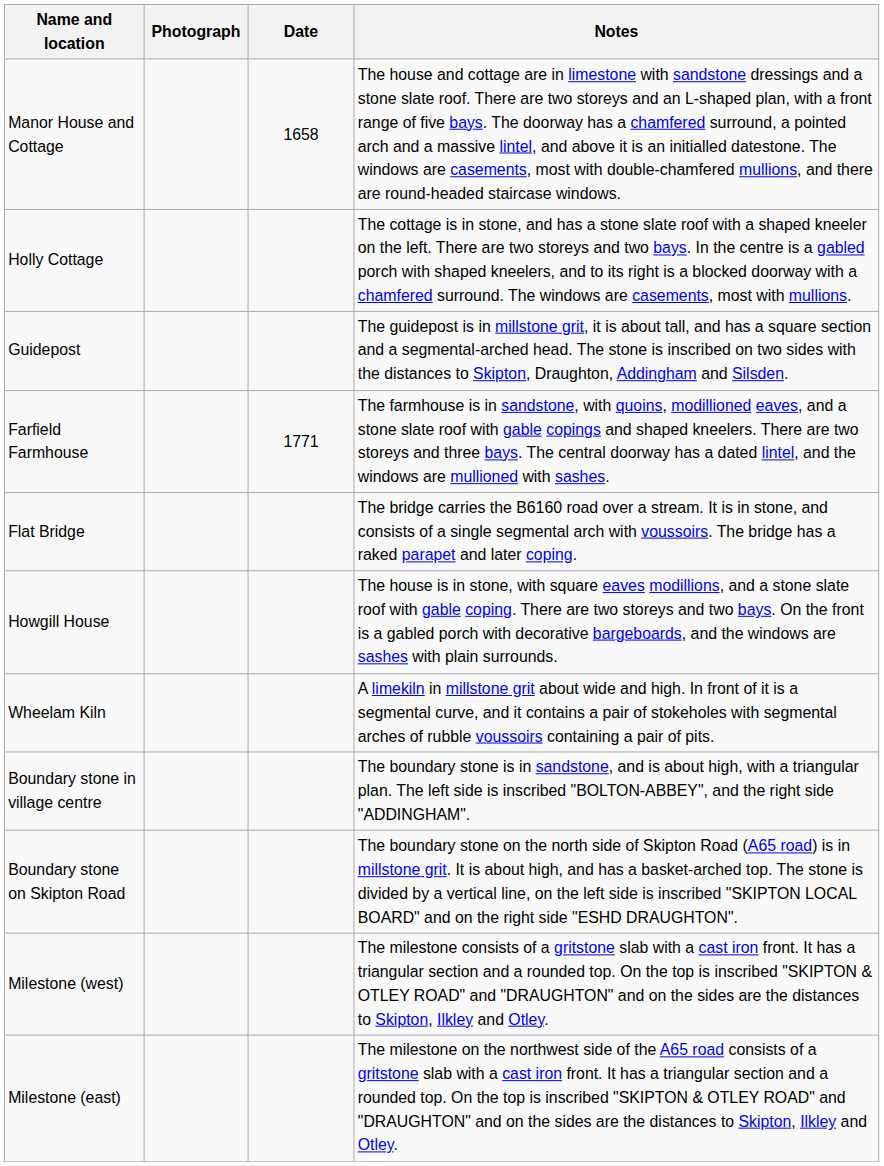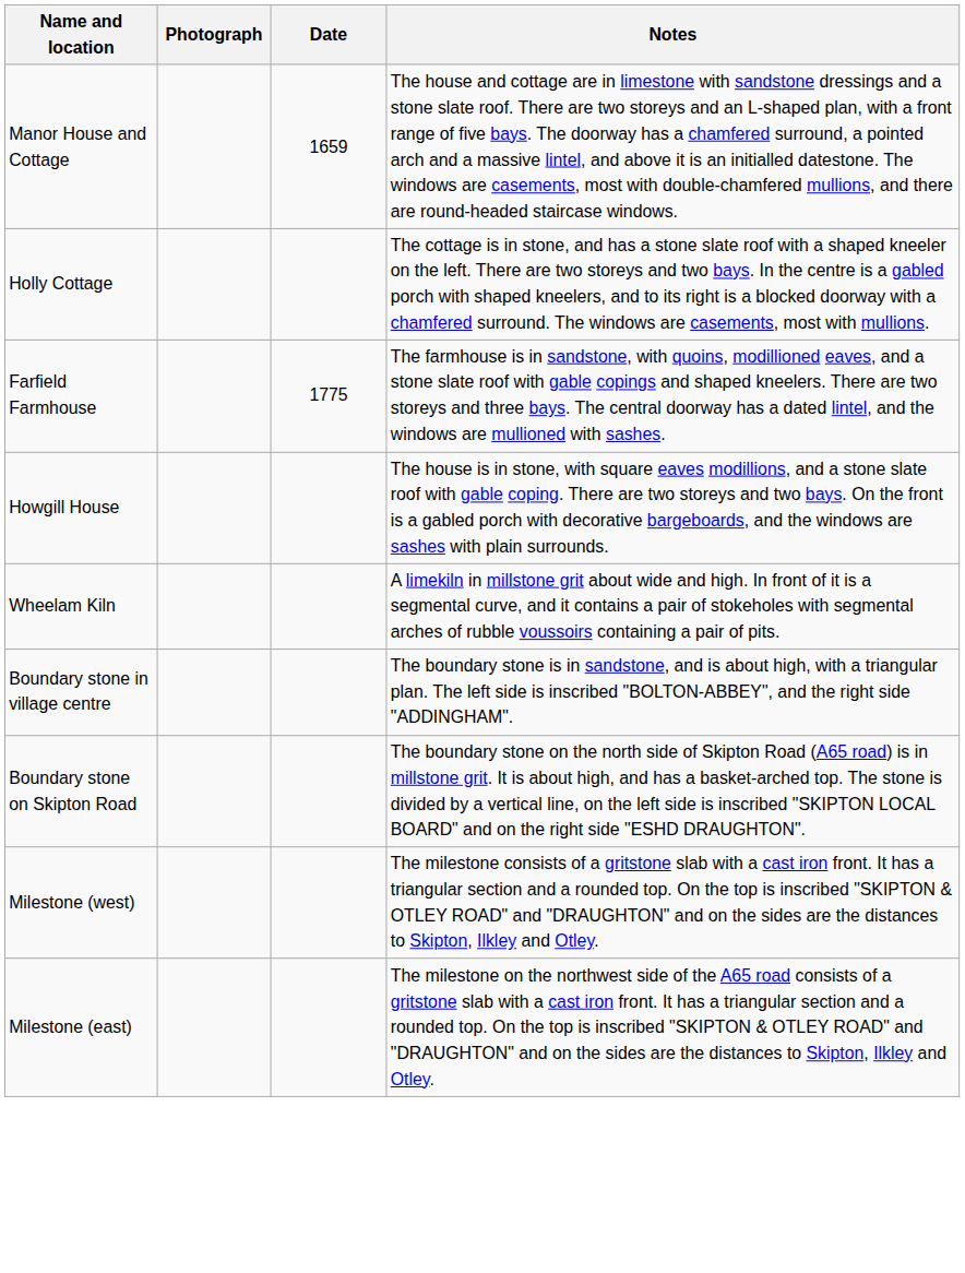 <table class="wikitable sortable plainrowheaders" style="width:100%;border:0px;text-align:left;line-height:150%;">
 <tr>
 <th scope="col"  style="width:150px">Name and location</th>
 <th scope="col"  style="width:100px" class="unsortable">Photograph</th>
 <th scope="col"  style="width:120px">Date</th>
 <th scope="col"  style="width:650px" class="unsortable">Notes</th>
 </tr>
 <tr>
 <td>Manor House and Cottage<br><small></small></td>
 <td></td>
-<td align="center">1658</td>
+<td align="center">1659</td>
 <td>The house and cottage are in <a href='#'>limestone</a> with <a href='#'>sandstone</a> dressings and a stone slate roof.  There are two storeys and an L-shaped plan, with a front range of five <a href='#'>bays</a>.  The doorway has a <a href='#'>chamfered</a> surround, a pointed arch and a massive <a href='#'>lintel</a>, and above it is an initialled datestone.  The windows are <a href='#'>casements</a>, most with double-chamfered <a href='#'>mullions</a>, and there are round-headed staircase windows.</td>
 </tr>
 <tr>
 <td>Holly Cottage<br><small></small></td>
 <td></td>
 <td align="center"></td>
 <td>The cottage is in stone, and has a stone slate roof with a shaped kneeler on the left.  There are two storeys and two <a href='#'>bays</a>.  In the centre is a <a href='#'>gabled</a> porch with shaped kneelers, and to its right is a blocked doorway with a <a href='#'>chamfered</a> surround.  The windows are <a href='#'>casements</a>, most with <a href='#'>mullions</a>.</td>
 </tr>
 <tr>
-<td>Guidepost<br><small></small></td>
-<td></td>
-<td align="center"></td>
-<td>The guidepost is in <a href='#'>millstone grit</a>, it is about  tall, and has a square section and a segmental-arched head.  The stone is inscribed on two sides with the distances to <a href='#'>Skipton</a>, Draughton, <a href='#'>Addingham</a> and <a href='#'>Silsden</a>.</td>
-</tr>
-<tr>
 <td>Farfield Farmhouse<br><small></small></td>
 <td></td>
-<td align="center">1771</td>
+<td align="center">1775</td>
 <td>The farmhouse is in <a href='#'>sandstone</a>, with <a href='#'>quoins</a>, <a href='#'>modillioned</a> <a href='#'>eaves</a>, and a stone slate roof with <a href='#'>gable</a> <a href='#'>copings</a> and shaped kneelers.  There are two storeys and three <a href='#'>bays</a>.  The central doorway has a dated <a href='#'>lintel</a>, and the windows are <a href='#'>mullioned</a> with <a href='#'>sashes</a>.</td>
-</tr>
-<tr>
-<td>Flat Bridge<br><small></small></td>
-<td></td>
-<td align="center"></td>
-<td>The bridge carries the B6160 road over a stream.  It is in stone, and consists of a single segmental arch with <a href='#'>voussoirs</a>.  The bridge has a raked <a href='#'>parapet</a> and later <a href='#'>coping</a>.</td>
 </tr>
 <tr>
 <td>Howgill House<br><small></small></td>
 <td></td>
 <td align="center"></td>
 <td>The house is in stone, with square <a href='#'>eaves</a> <a href='#'>modillions</a>, and a stone slate roof with <a href='#'>gable</a> <a href='#'>coping</a>.  There are two storeys and two <a href='#'>bays</a>.  On the front is a gabled porch with decorative <a href='#'>bargeboards</a>, and the windows are <a href='#'>sashes</a> with plain surrounds.</td>
 </tr>
 <tr>
 <td>Wheelam Kiln<br><small></small></td>
 <td></td>
 <td align="center"></td>
 <td>A <a href='#'>limekiln</a> in <a href='#'>millstone grit</a> about  wide and  high.  In front of it is a segmental curve, and it contains a pair of stokeholes with segmental arches of rubble <a href='#'>voussoirs</a> containing a pair of pits.</td>
 </tr>
 <tr>
 <td>Boundary stone in village centre<br><small></small></td>
 <td></td>
 <td align="center"></td>
 <td>The boundary stone is in <a href='#'>sandstone</a>, and is about  high, with a triangular plan.  The left side is inscribed "BOLTON-ABBEY", and the right side "ADDINGHAM".</td>
 </tr>
 <tr>
 <td>Boundary stone on Skipton Road<br><small></small></td>
 <td></td>
 <td align="center"></td>
 <td>The boundary stone on the north side of Skipton Road (<a href='#'>A65 road</a>) is in <a href='#'>millstone grit</a>.  It is about  high, and has a basket-arched top.  The stone is divided by a vertical line, on the left side is inscribed "SKIPTON LOCAL BOARD" and on the right side "ESHD DRAUGHTON".</td>
 </tr>
 <tr>
 <td>Milestone (west)<br><small></small></td>
 <td></td>
 <td align="center"></td>
 <td>The milestone consists of a <a href='#'>gritstone</a> slab with a <a href='#'>cast iron</a> front.  It has a triangular section and a rounded top.  On the top is inscribed "SKIPTON & OTLEY ROAD" and "DRAUGHTON" and on the sides are the distances to <a href='#'>Skipton</a>, <a href='#'>Ilkley</a> and <a href='#'>Otley</a>.</td>
 </tr>
 <tr>
 <td>Milestone (east)<br><small></small></td>
 <td></td>
 <td align="center"></td>
 <td>The milestone on the northwest side of the <a href='#'>A65 road</a> consists of a <a href='#'>gritstone</a> slab with a <a href='#'>cast iron</a> front.  It has a triangular section and a rounded top.  On the top is inscribed "SKIPTON & OTLEY ROAD" and "DRAUGHTON" and on the sides are the distances to <a href='#'>Skipton</a>, <a href='#'>Ilkley</a> and <a href='#'>Otley</a>.</td>
 </tr>
 <tr>
 </tr>
 </table>
